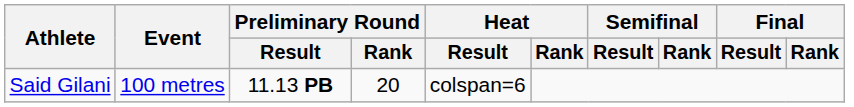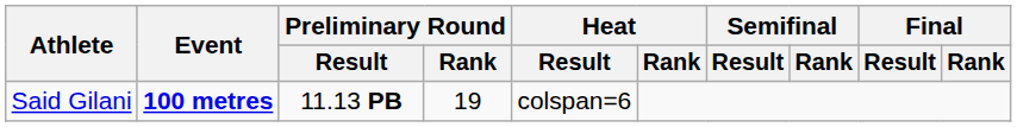 <table class="wikitable" style="font-size:90%">
 <tr>
 <th rowspan="2">Athlete</th>
 <th rowspan="2">Event</th>
 <th colspan="2">Preliminary Round</th>
 <th colspan="2">Heat</th>
 <th colspan="2">Semifinal</th>
 <th colspan="2">Final</th>
 </tr>
 <tr style="font-size:95%">
 <th>Result</th>
 <th>Rank</th>
 <th>Result</th>
 <th>Rank</th>
 <th>Result</th>
 <th>Rank</th>
 <th>Result</th>
 <th>Rank</th>
 </tr>
 <tr style=text-align:center>
 <td style=text-align:left><a href='#'>Said Gilani</a></td>
-<td style=text-align:left><a href='#'>100 metres</a></td>
+<td style=text-align:left><strong><a href='#'>100 metres</a></strong></td>
 <td>11.13 <strong>PB</strong></td>
-<td>20</td>
+<td>19</td>
 <td>colspan=6 </td>
 </tr>
 </table>
